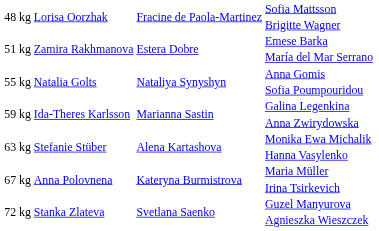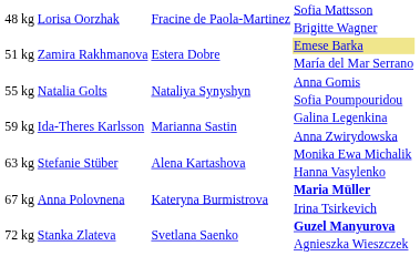 <table>
 <tr>
 <td rowspan=2>48 kg</td>
 <td rowspan=2><a href='#'>Lorisa Oorzhak</a> <br></td>
 <td rowspan=2><a href='#'>Fracine de Paola-Martinez</a> <br></td>
 <td><a href='#'>Sofia Mattsson</a> <br></td>
 </tr>
 <tr>
 <td><a href='#'>Brigitte Wagner</a> <br></td>
 </tr>
 <tr>
 <td rowspan=2>51 kg</td>
 <td rowspan=2><a href='#'>Zamira Rakhmanova</a> <br></td>
 <td rowspan=2><a href='#'>Estera Dobre</a> <br></td>
-<td><a href='#'>Emese Barka</a> <br></td>
+<td style="background: khaki;"><a href='#'>Emese Barka</a> <br></td>
 </tr>
 <tr>
 <td><a href='#'>María del Mar Serrano</a> <br></td>
 </tr>
 <tr>
 <td rowspan=2>55 kg</td>
 <td rowspan=2><a href='#'>Natalia Golts</a> <br></td>
 <td rowspan=2><a href='#'>Nataliya Synyshyn</a> <br></td>
 <td><a href='#'>Anna Gomis</a> <br></td>
 </tr>
 <tr>
 <td><a href='#'>Sofia Poumpouridou</a> <br></td>
 </tr>
 <tr>
 <td rowspan=2>59 kg</td>
 <td rowspan=2><a href='#'>Ida-Theres Karlsson</a> <br></td>
 <td rowspan=2><a href='#'>Marianna Sastin</a> <br></td>
 <td><a href='#'>Galina Legenkina</a> <br></td>
 </tr>
 <tr>
 <td><a href='#'>Anna Zwirydowska</a> <br></td>
 </tr>
 <tr>
 <td rowspan=2>63 kg</td>
 <td rowspan=2><a href='#'>Stefanie Stüber</a> <br></td>
 <td rowspan=2><a href='#'>Alena Kartashova</a> <br></td>
 <td><a href='#'>Monika Ewa Michalik</a> <br></td>
 </tr>
 <tr>
 <td><a href='#'>Hanna Vasylenko</a> <br></td>
 </tr>
 <tr>
 <td rowspan=2>67 kg</td>
 <td rowspan=2><a href='#'>Anna Polovnena</a> <br></td>
 <td rowspan=2><a href='#'>Kateryna Burmistrova</a> <br></td>
-<td><a href='#'>Maria Müller</a> <br></td>
+<td><strong><a href='#'>Maria Müller</a> <br></strong></td>
 </tr>
 <tr>
 <td><a href='#'>Irina Tsirkevich</a> <br></td>
 </tr>
 <tr>
 <td rowspan=2>72 kg</td>
 <td rowspan=2><a href='#'>Stanka Zlateva</a> <br></td>
 <td rowspan=2><a href='#'>Svetlana Saenko</a> <br></td>
-<td><a href='#'>Guzel Manyurova</a> <br></td>
+<td><strong><a href='#'>Guzel Manyurova</a> <br></strong></td>
 </tr>
 <tr>
 <td><a href='#'>Agnieszka Wieszczek</a> <br></td>
 </tr>
 </table>
